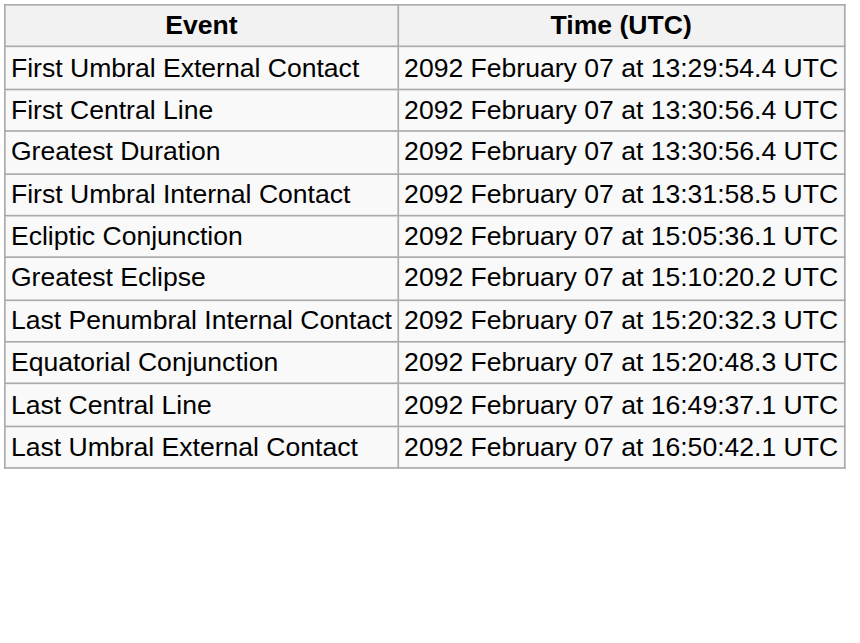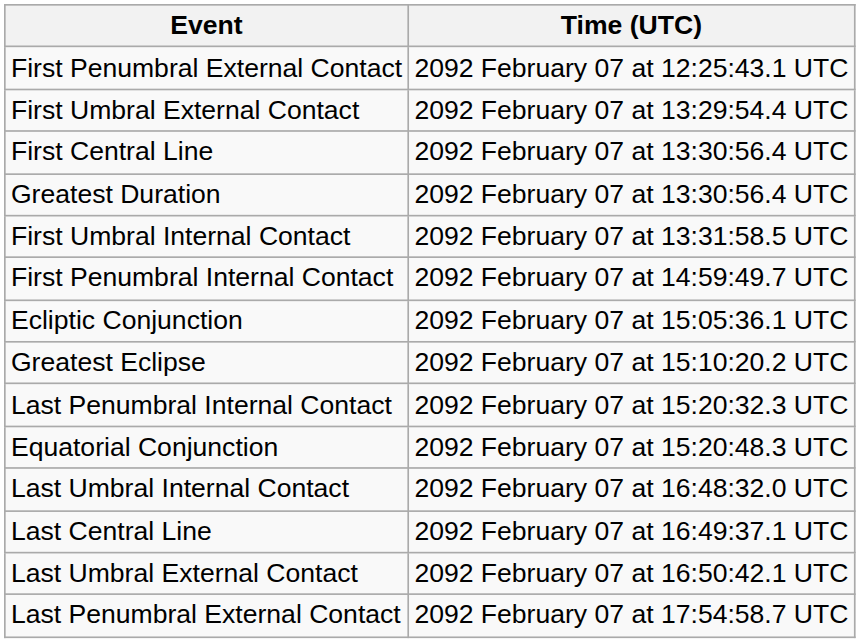 <table class="wikitable">
 <tr>
 <th>Event</th>
 <th>Time (UTC)</th>
+</tr>
+<tr>
+<td>First Penumbral External Contact</td>
+<td>2092 February 07 at 12:25:43.1 UTC</td>
 </tr>
 <tr>
 <td>First Umbral External Contact</td>
 <td>2092 February 07 at 13:29:54.4 UTC</td>
 </tr>
 <tr>
 <td>First Central Line</td>
 <td>2092 February 07 at 13:30:56.4 UTC</td>
 </tr>
 <tr>
 <td>Greatest Duration</td>
 <td>2092 February 07 at 13:30:56.4 UTC</td>
 </tr>
 <tr>
 <td>First Umbral Internal Contact</td>
 <td>2092 February 07 at 13:31:58.5 UTC</td>
 </tr>
 <tr>
+<td>First Penumbral Internal Contact</td>
+<td>2092 February 07 at 14:59:49.7 UTC</td>
+</tr>
+<tr>
 <td>Ecliptic Conjunction</td>
 <td>2092 February 07 at 15:05:36.1 UTC</td>
 </tr>
 <tr>
 <td>Greatest Eclipse</td>
 <td>2092 February 07 at 15:10:20.2 UTC</td>
 </tr>
 <tr>
 <td>Last Penumbral Internal Contact</td>
 <td>2092 February 07 at 15:20:32.3 UTC</td>
 </tr>
 <tr>
 <td>Equatorial Conjunction</td>
 <td>2092 February 07 at 15:20:48.3 UTC</td>
 </tr>
 <tr>
+<td>Last Umbral Internal Contact</td>
+<td>2092 February 07 at 16:48:32.0 UTC</td>
+</tr>
+<tr>
 <td>Last Central Line</td>
 <td>2092 February 07 at 16:49:37.1 UTC</td>
 </tr>
 <tr>
 <td>Last Umbral External Contact</td>
 <td>2092 February 07 at 16:50:42.1 UTC</td>
 </tr>
+<tr>
+<td>Last Penumbral External Contact</td>
+<td>2092 February 07 at 17:54:58.7 UTC</td>
+</tr>
 </table>
